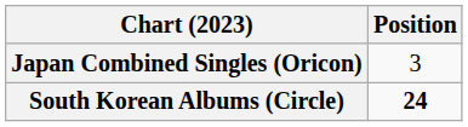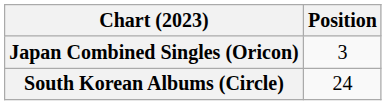 <table class="wikitable sortable plainrowheaders" style="text-align:center">
 <tr>
 <th scope="col">Chart (2023)</th>
 <th scope="col">Position</th>
 </tr>
 <tr>
 <th scope="row">Japan Combined Singles (Oricon)</th>
 <td>3</td>
 </tr>
 <tr>
 <th scope="row">South Korean Albums (Circle)</th>
-<td><strong>24</strong></td>
+<td>24</td>
 </tr>
 </table>
